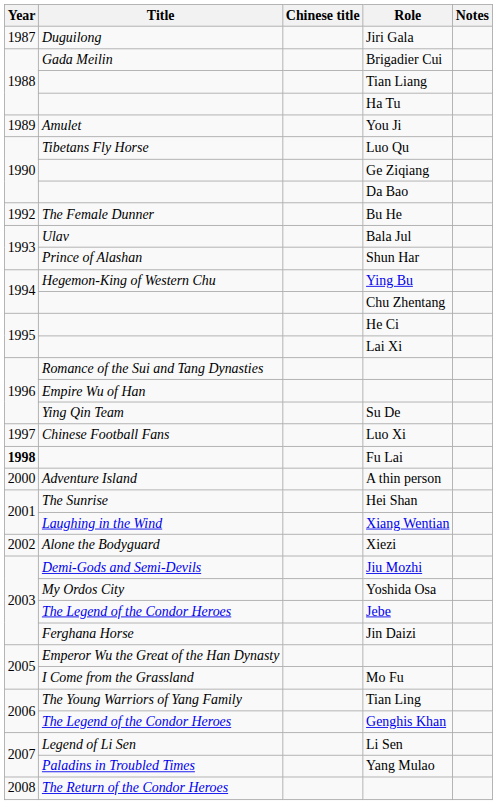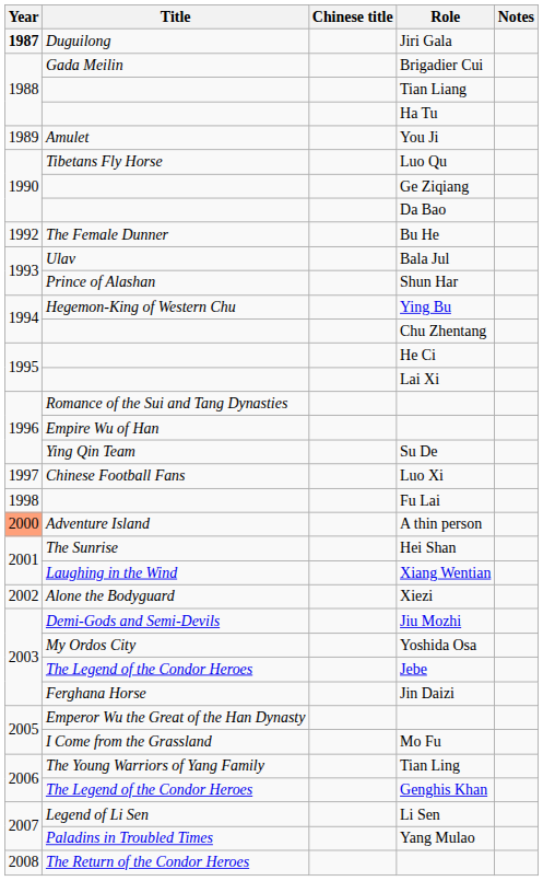 <table class="wikitable">
 <tr>
 <th>Year</th>
 <th>Title</th>
 <th>Chinese title</th>
 <th>Role</th>
 <th>Notes</th>
 </tr>
 <tr>
-<td>1987</td>
+<td><strong>1987</strong></td>
 <td><em>Duguilong</em></td>
 <td></td>
 <td>Jiri Gala</td>
 <td></td>
 </tr>
 <tr>
 <td rowspan="3">1988</td>
 <td><em>Gada Meilin</em></td>
 <td></td>
 <td>Brigadier Cui</td>
 <td></td>
 </tr>
 <tr>
 <td></td>
 <td></td>
 <td>Tian Liang</td>
 <td></td>
 </tr>
 <tr>
 <td></td>
 <td></td>
 <td>Ha Tu</td>
 <td></td>
 </tr>
 <tr>
 <td>1989</td>
 <td><em>Amulet</em></td>
 <td></td>
 <td>You Ji</td>
 <td></td>
 </tr>
 <tr>
 <td rowspan="3">1990</td>
 <td><em>Tibetans Fly Horse</em></td>
 <td></td>
 <td>Luo Qu</td>
 <td></td>
 </tr>
 <tr>
 <td></td>
 <td></td>
 <td>Ge Ziqiang</td>
 <td></td>
 </tr>
 <tr>
 <td></td>
 <td></td>
 <td>Da Bao</td>
 <td></td>
 </tr>
 <tr>
 <td>1992</td>
 <td><em>The Female Dunner</em></td>
 <td></td>
 <td>Bu He</td>
 <td></td>
 </tr>
 <tr>
 <td rowspan="2">1993</td>
 <td><em>Ulav</em></td>
 <td></td>
 <td>Bala Jul</td>
 <td></td>
 </tr>
 <tr>
 <td><em>Prince of Alashan</em></td>
 <td></td>
 <td>Shun Har</td>
 <td></td>
 </tr>
 <tr>
 <td rowspan="2">1994</td>
 <td><em>Hegemon-King of Western Chu</em></td>
 <td></td>
 <td><a href='#'>Ying Bu</a></td>
 <td></td>
 </tr>
 <tr>
 <td></td>
 <td></td>
 <td>Chu Zhentang</td>
 <td></td>
 </tr>
 <tr>
 <td rowspan="2">1995</td>
 <td></td>
 <td></td>
 <td>He Ci</td>
 <td></td>
 </tr>
 <tr>
 <td></td>
 <td></td>
 <td>Lai Xi</td>
 <td></td>
 </tr>
 <tr>
 <td rowspan="3">1996</td>
 <td><em>Romance of the Sui and Tang Dynasties</em></td>
 <td></td>
 <td></td>
 <td></td>
 </tr>
 <tr>
 <td><em>Empire Wu of Han</em></td>
 <td></td>
 <td></td>
 <td></td>
 </tr>
 <tr>
 <td><em>Ying Qin Team</em></td>
 <td></td>
 <td>Su De</td>
 <td></td>
 </tr>
 <tr>
 <td>1997</td>
 <td><em>Chinese Football Fans</em></td>
 <td></td>
 <td>Luo Xi</td>
 <td></td>
 </tr>
 <tr>
-<td><strong>1998</strong></td>
+<td>1998</td>
 <td></td>
 <td></td>
 <td>Fu Lai</td>
 <td></td>
 </tr>
 <tr>
-<td>2000</td>
+<td style="background: lightsalmon;">2000</td>
 <td><em>Adventure Island</em></td>
 <td></td>
 <td>A thin person</td>
 <td></td>
 </tr>
 <tr>
 <td rowspan="2">2001</td>
 <td><em>The Sunrise</em></td>
 <td></td>
 <td>Hei Shan</td>
 <td></td>
 </tr>
 <tr>
 <td><em><a href='#'>Laughing in the Wind</a></em></td>
 <td></td>
 <td><a href='#'>Xiang Wentian</a></td>
 <td></td>
 </tr>
 <tr>
 <td>2002</td>
 <td><em>Alone the Bodyguard</em></td>
 <td></td>
 <td>Xiezi</td>
 <td></td>
 </tr>
 <tr>
 <td rowspan="4">2003</td>
 <td><em><a href='#'>Demi-Gods and Semi-Devils</a></em></td>
 <td></td>
 <td><a href='#'>Jiu Mozhi</a></td>
 <td></td>
 </tr>
 <tr>
 <td><em>My Ordos City</em></td>
 <td></td>
 <td>Yoshida Osa</td>
 <td></td>
 </tr>
 <tr>
 <td><em><a href='#'>The Legend of the Condor Heroes</a></em></td>
 <td></td>
 <td><a href='#'>Jebe</a></td>
 <td></td>
 </tr>
 <tr>
 <td><em>Ferghana Horse</em></td>
 <td></td>
 <td>Jin Daizi</td>
 <td></td>
 </tr>
 <tr>
 <td rowspan="2">2005</td>
 <td><em>Emperor Wu the Great of the Han Dynasty</em></td>
 <td></td>
 <td></td>
 <td></td>
 </tr>
 <tr>
 <td><em>I Come from the Grassland</em></td>
 <td></td>
 <td>Mo Fu</td>
 <td></td>
 </tr>
 <tr>
 <td rowspan="2">2006</td>
 <td><em>The Young Warriors of Yang Family</em></td>
 <td></td>
 <td>Tian Ling</td>
 <td></td>
 </tr>
 <tr>
 <td><em><a href='#'>The Legend of the Condor Heroes</a></em></td>
 <td></td>
 <td><a href='#'>Genghis Khan</a></td>
 <td></td>
 </tr>
 <tr>
 <td rowspan="2">2007</td>
 <td><em>Legend of Li Sen</em></td>
 <td></td>
 <td>Li Sen</td>
 <td></td>
 </tr>
 <tr>
 <td><em><a href='#'>Paladins in Troubled Times</a></em></td>
 <td></td>
 <td>Yang Mulao</td>
 <td></td>
 </tr>
 <tr>
 <td>2008</td>
 <td><em><a href='#'>The Return of the Condor Heroes</a></em></td>
 <td></td>
 <td></td>
 <td></td>
 </tr>
 </table>
